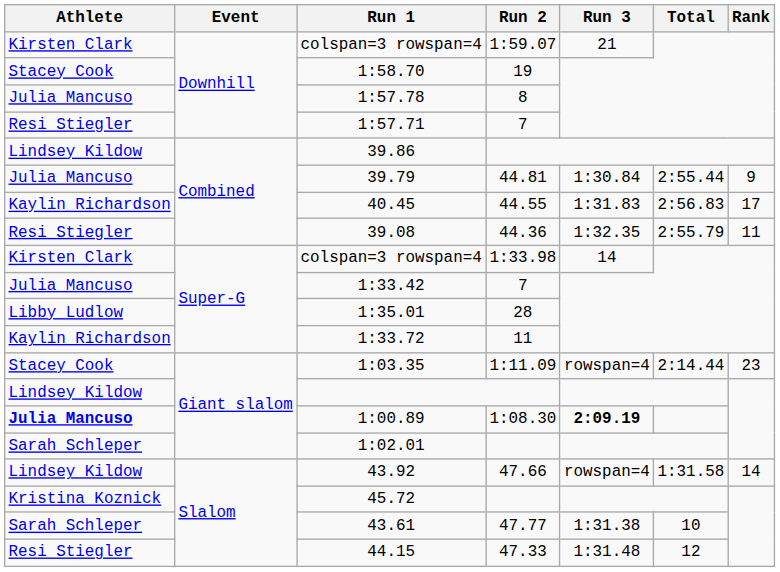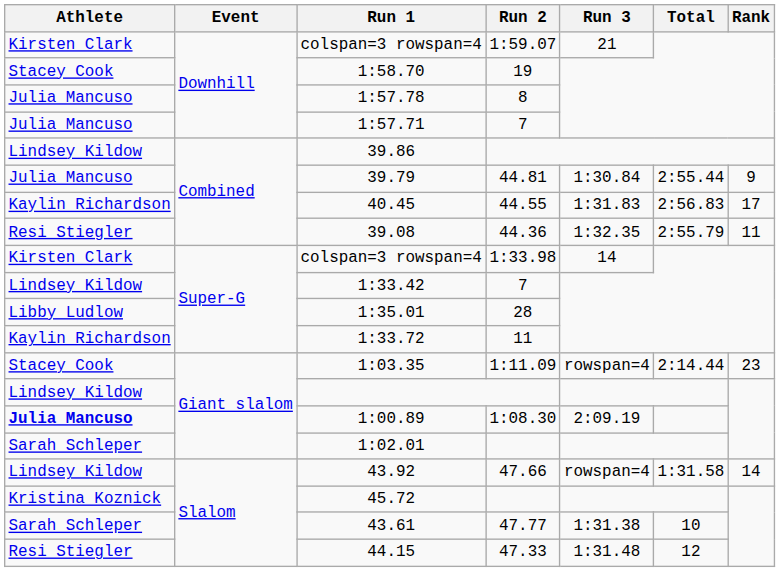 <table class=wikitable style=font-size:90%;text-align:center>
 <tr>
 <th>Athlete</th>
 <th>Event</th>
 <th>Run 1</th>
 <th>Run 2</th>
 <th>Run 3</th>
 <th>Total</th>
 <th>Rank</th>
 </tr>
 <tr>
 <td align=left><a href='#'>Kirsten Clark</a></td>
 <td align=left rowspan=4><a href='#'>Downhill</a></td>
 <td>colspan=3 rowspan=4 </td>
 <td>1:59.07</td>
 <td>21</td>
 </tr>
 <tr>
 <td align=left><a href='#'>Stacey Cook</a></td>
 <td>1:58.70</td>
 <td>19</td>
 </tr>
 <tr>
 <td align=left><a href='#'>Julia Mancuso</a></td>
 <td>1:57.78</td>
 <td>8</td>
 </tr>
 <tr>
-<td align=left><a href='#'>Resi Stiegler</a></td>
+<td align=left><a href='#'>Julia Mancuso</a></td>
 <td>1:57.71</td>
 <td>7</td>
 </tr>
 <tr>
 <td align=left><a href='#'>Lindsey Kildow</a></td>
 <td align=left rowspan=4><a href='#'>Combined</a></td>
 <td>39.86</td>
 <td colspan=4></td>
 </tr>
 <tr>
 <td align=left><a href='#'>Julia Mancuso</a></td>
 <td>39.79</td>
 <td>44.81</td>
 <td>1:30.84</td>
 <td>2:55.44</td>
 <td>9</td>
 </tr>
 <tr>
 <td align=left><a href='#'>Kaylin Richardson</a></td>
 <td>40.45</td>
 <td>44.55</td>
 <td>1:31.83</td>
 <td>2:56.83</td>
 <td>17</td>
 </tr>
 <tr>
 <td align=left><a href='#'>Resi Stiegler</a></td>
 <td>39.08</td>
 <td>44.36</td>
 <td>1:32.35</td>
 <td>2:55.79</td>
 <td>11</td>
 </tr>
 <tr>
 <td align=left><a href='#'>Kirsten Clark</a></td>
 <td align=left rowspan=4><a href='#'>Super-G</a></td>
 <td>colspan=3 rowspan=4 </td>
 <td>1:33.98</td>
 <td>14</td>
 </tr>
 <tr>
-<td align=left><a href='#'>Julia Mancuso</a></td>
+<td align=left><a href='#'>Lindsey Kildow</a></td>
 <td>1:33.42</td>
 <td>7</td>
 </tr>
 <tr>
 <td align=left><a href='#'>Libby Ludlow</a></td>
 <td>1:35.01</td>
 <td>28</td>
 </tr>
 <tr>
 <td align=left><a href='#'>Kaylin Richardson</a></td>
 <td>1:33.72</td>
 <td>11</td>
 </tr>
 <tr>
 <td align=left><a href='#'>Stacey Cook</a></td>
 <td align=left rowspan=4><a href='#'>Giant slalom</a></td>
 <td>1:03.35</td>
 <td>1:11.09</td>
 <td>rowspan=4 </td>
 <td>2:14.44</td>
 <td>23</td>
 </tr>
 <tr>
 <td align=left><a href='#'>Lindsey Kildow</a></td>
 <td colspan=2></td>
 <td colspan=2></td>
 </tr>
 <tr>
 <td align=left><strong><a href='#'>Julia Mancuso</a></strong></td>
 <td>1:00.89</td>
 <td>1:08.30</td>
-<td><strong>2:09.19</strong></td>
+<td>2:09.19</td>
 <td></td>
 </tr>
 <tr>
 <td align=left><a href='#'>Sarah Schleper</a></td>
 <td>1:02.01</td>
 <td></td>
 <td colspan=2></td>
 </tr>
 <tr>
 <td align=left><a href='#'>Lindsey Kildow</a></td>
 <td align=left rowspan=4><a href='#'>Slalom</a></td>
 <td>43.92</td>
 <td>47.66</td>
 <td>rowspan=4 </td>
 <td>1:31.58</td>
 <td>14</td>
 </tr>
 <tr>
 <td align=left><a href='#'>Kristina Koznick</a></td>
 <td>45.72</td>
 <td></td>
 <td colspan=2></td>
 </tr>
 <tr>
 <td align=left><a href='#'>Sarah Schleper</a></td>
 <td>43.61</td>
 <td>47.77</td>
 <td>1:31.38</td>
 <td>10</td>
 </tr>
 <tr>
 <td align=left><a href='#'>Resi Stiegler</a></td>
 <td>44.15</td>
 <td>47.33</td>
 <td>1:31.48</td>
 <td>12</td>
 </tr>
 </table>
